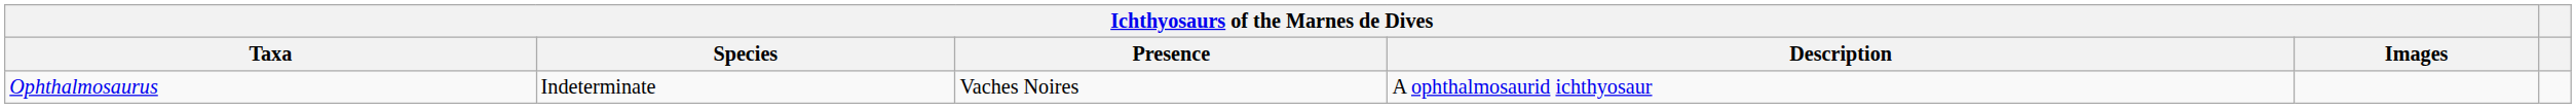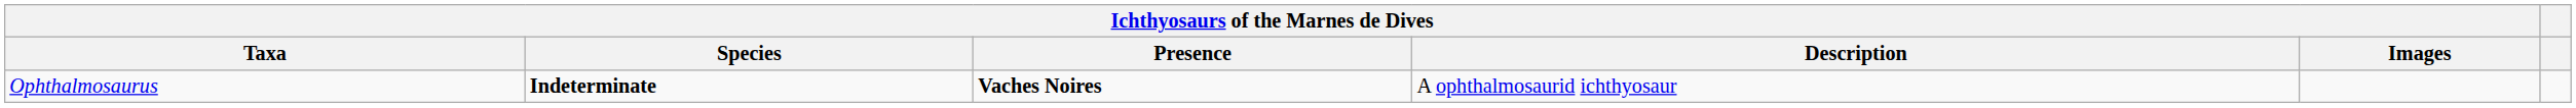 <table class="wikitable" align="center" width="100%">
 <tr>
 <th colspan="5"><strong><a href='#'>Ichthyosaurs</a> of the Marnes de Dives</strong></th>
 <th></th>
 </tr>
 <tr>
 <th>Taxa</th>
 <th>Species</th>
 <th>Presence</th>
 <th>Description</th>
 <th>Images</th>
 <th></th>
 </tr>
 <tr>
 <td><em><a href='#'>Ophthalmosaurus</a></em></td>
-<td>Indeterminate</td>
-<td>Vaches Noires</td>
+<td><strong>Indeterminate</strong></td>
+<td><strong>Vaches Noires</strong></td>
 <td>A <a href='#'>ophthalmosaurid</a> <a href='#'>ichthyosaur</a></td>
 <td></td>
 <td></td>
 </tr>
 </table>
